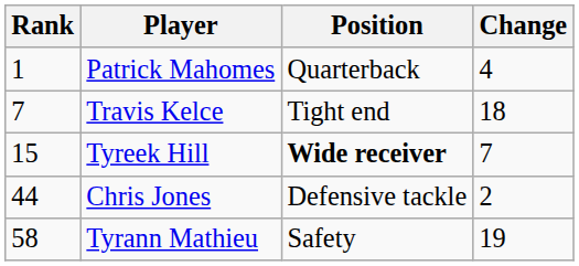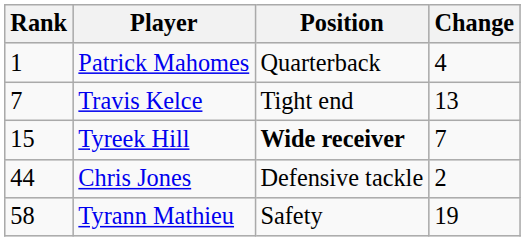 <table class="wikitable">
 <tr>
 <th>Rank</th>
 <th>Player</th>
 <th>Position</th>
 <th>Change</th>
 </tr>
 <tr>
 <td>1</td>
 <td><a href='#'>Patrick Mahomes</a></td>
 <td>Quarterback</td>
 <td>4</td>
 </tr>
 <tr>
 <td>7</td>
 <td><a href='#'>Travis Kelce</a></td>
 <td>Tight end</td>
-<td>18</td>
+<td>13</td>
 </tr>
 <tr>
 <td>15</td>
 <td><a href='#'>Tyreek Hill</a></td>
 <td><strong>Wide receiver</strong></td>
 <td>7</td>
 </tr>
 <tr>
 <td>44</td>
 <td><a href='#'>Chris Jones</a></td>
 <td>Defensive tackle</td>
 <td>2</td>
 </tr>
 <tr>
 <td>58</td>
 <td><a href='#'>Tyrann Mathieu</a></td>
 <td>Safety</td>
 <td>19</td>
 </tr>
 </table>
